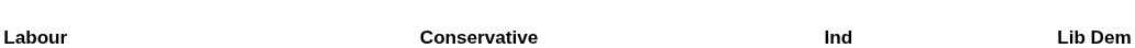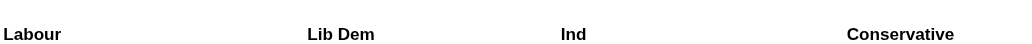 <table style="width:60%; text-align:center;">
 <tr style="color:white;">
 <td style="background:"><strong>12</strong></td>
+<td style="background:"><strong>5</strong></td>
+<td style="background:"><strong>14</strong></td>
 <td style="background:"><strong>20</strong></td>
-<td style="background:"><strong>14</strong></td>
-<td style="background:"><strong>5</strong></td>
 </tr>
 <tr>
 <td><span><strong>Labour</strong></span></td>
+<td><span><strong>Lib Dem</strong></span></td>
+<td><span><strong>Ind</strong></span></td>
 <td><span><strong>Conservative</strong></span></td>
-<td><span><strong>Ind</strong></span></td>
-<td><span><strong>Lib Dem</strong></span></td>
 </tr>
 </table>
